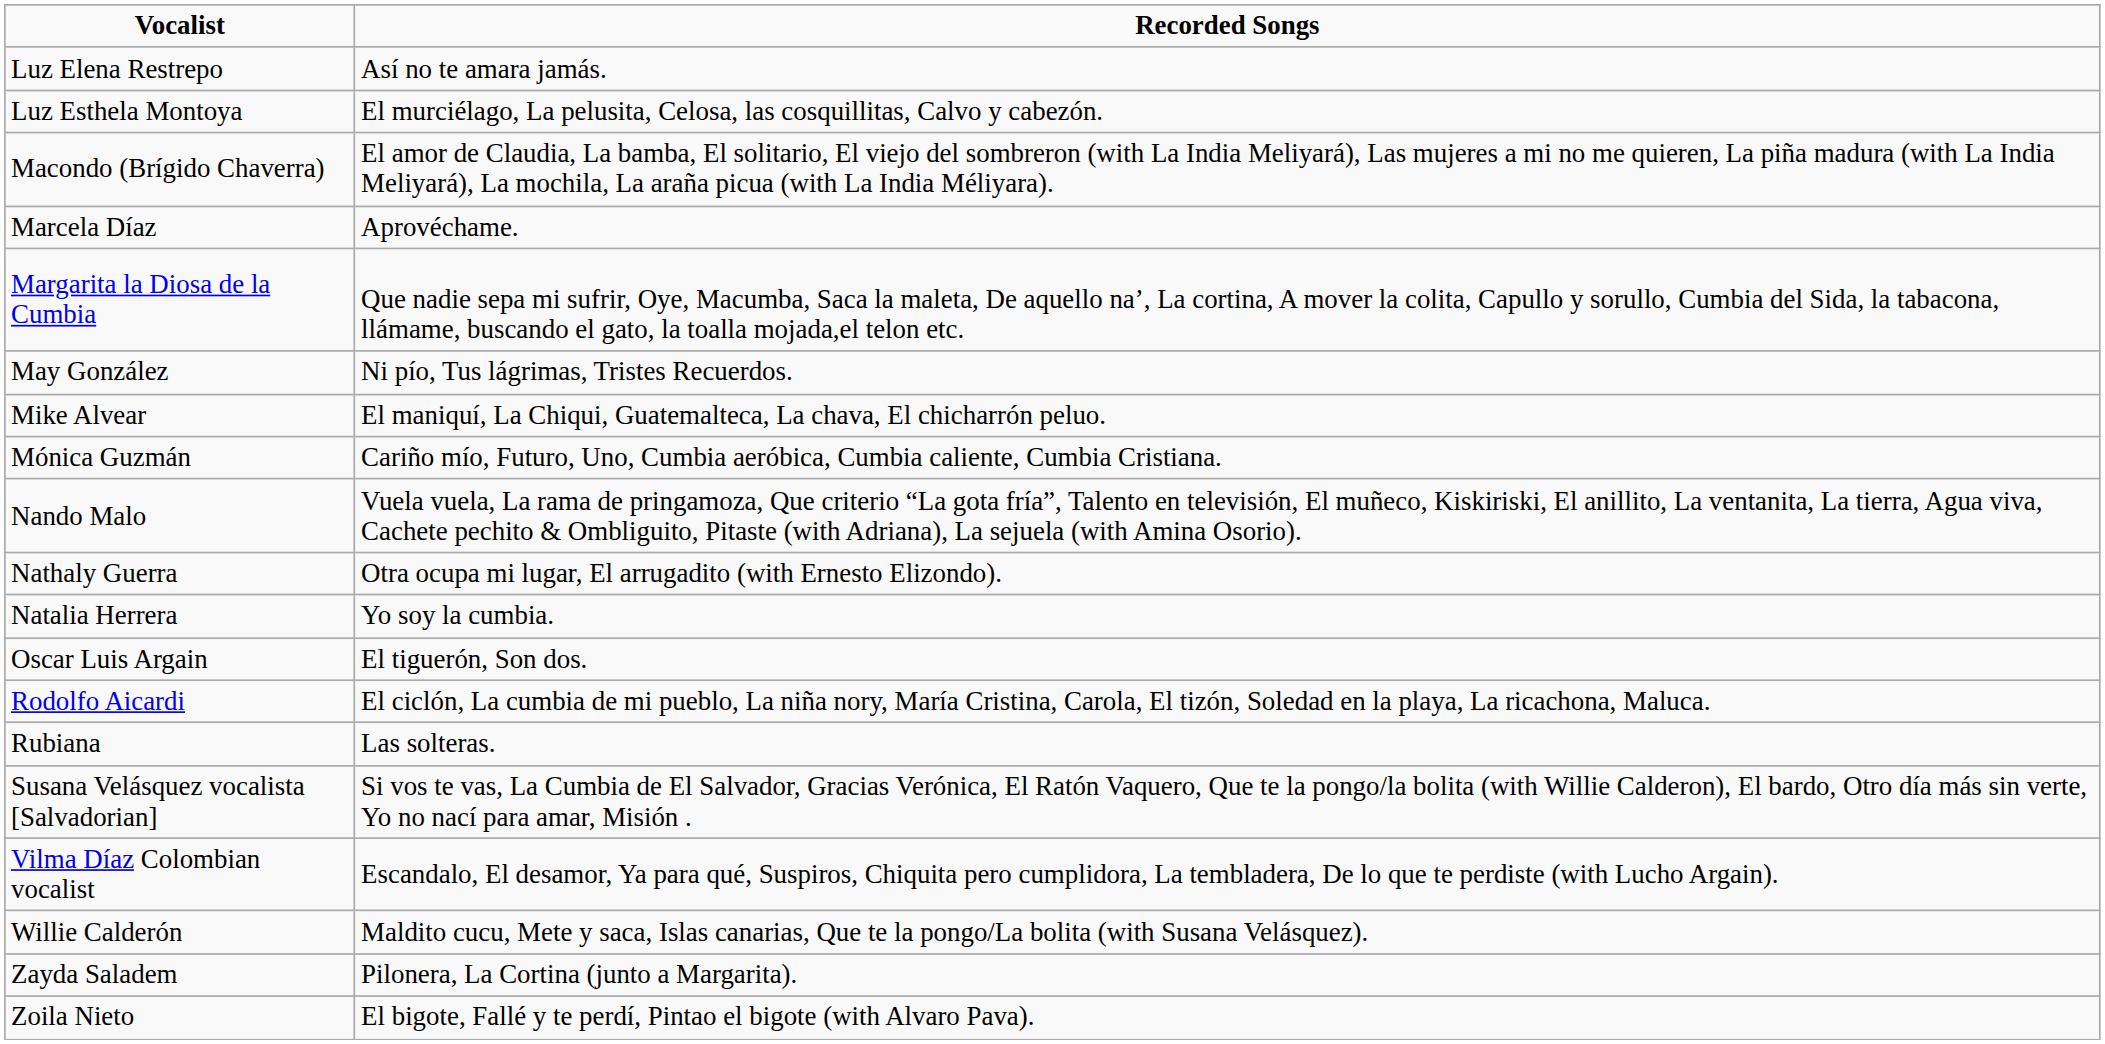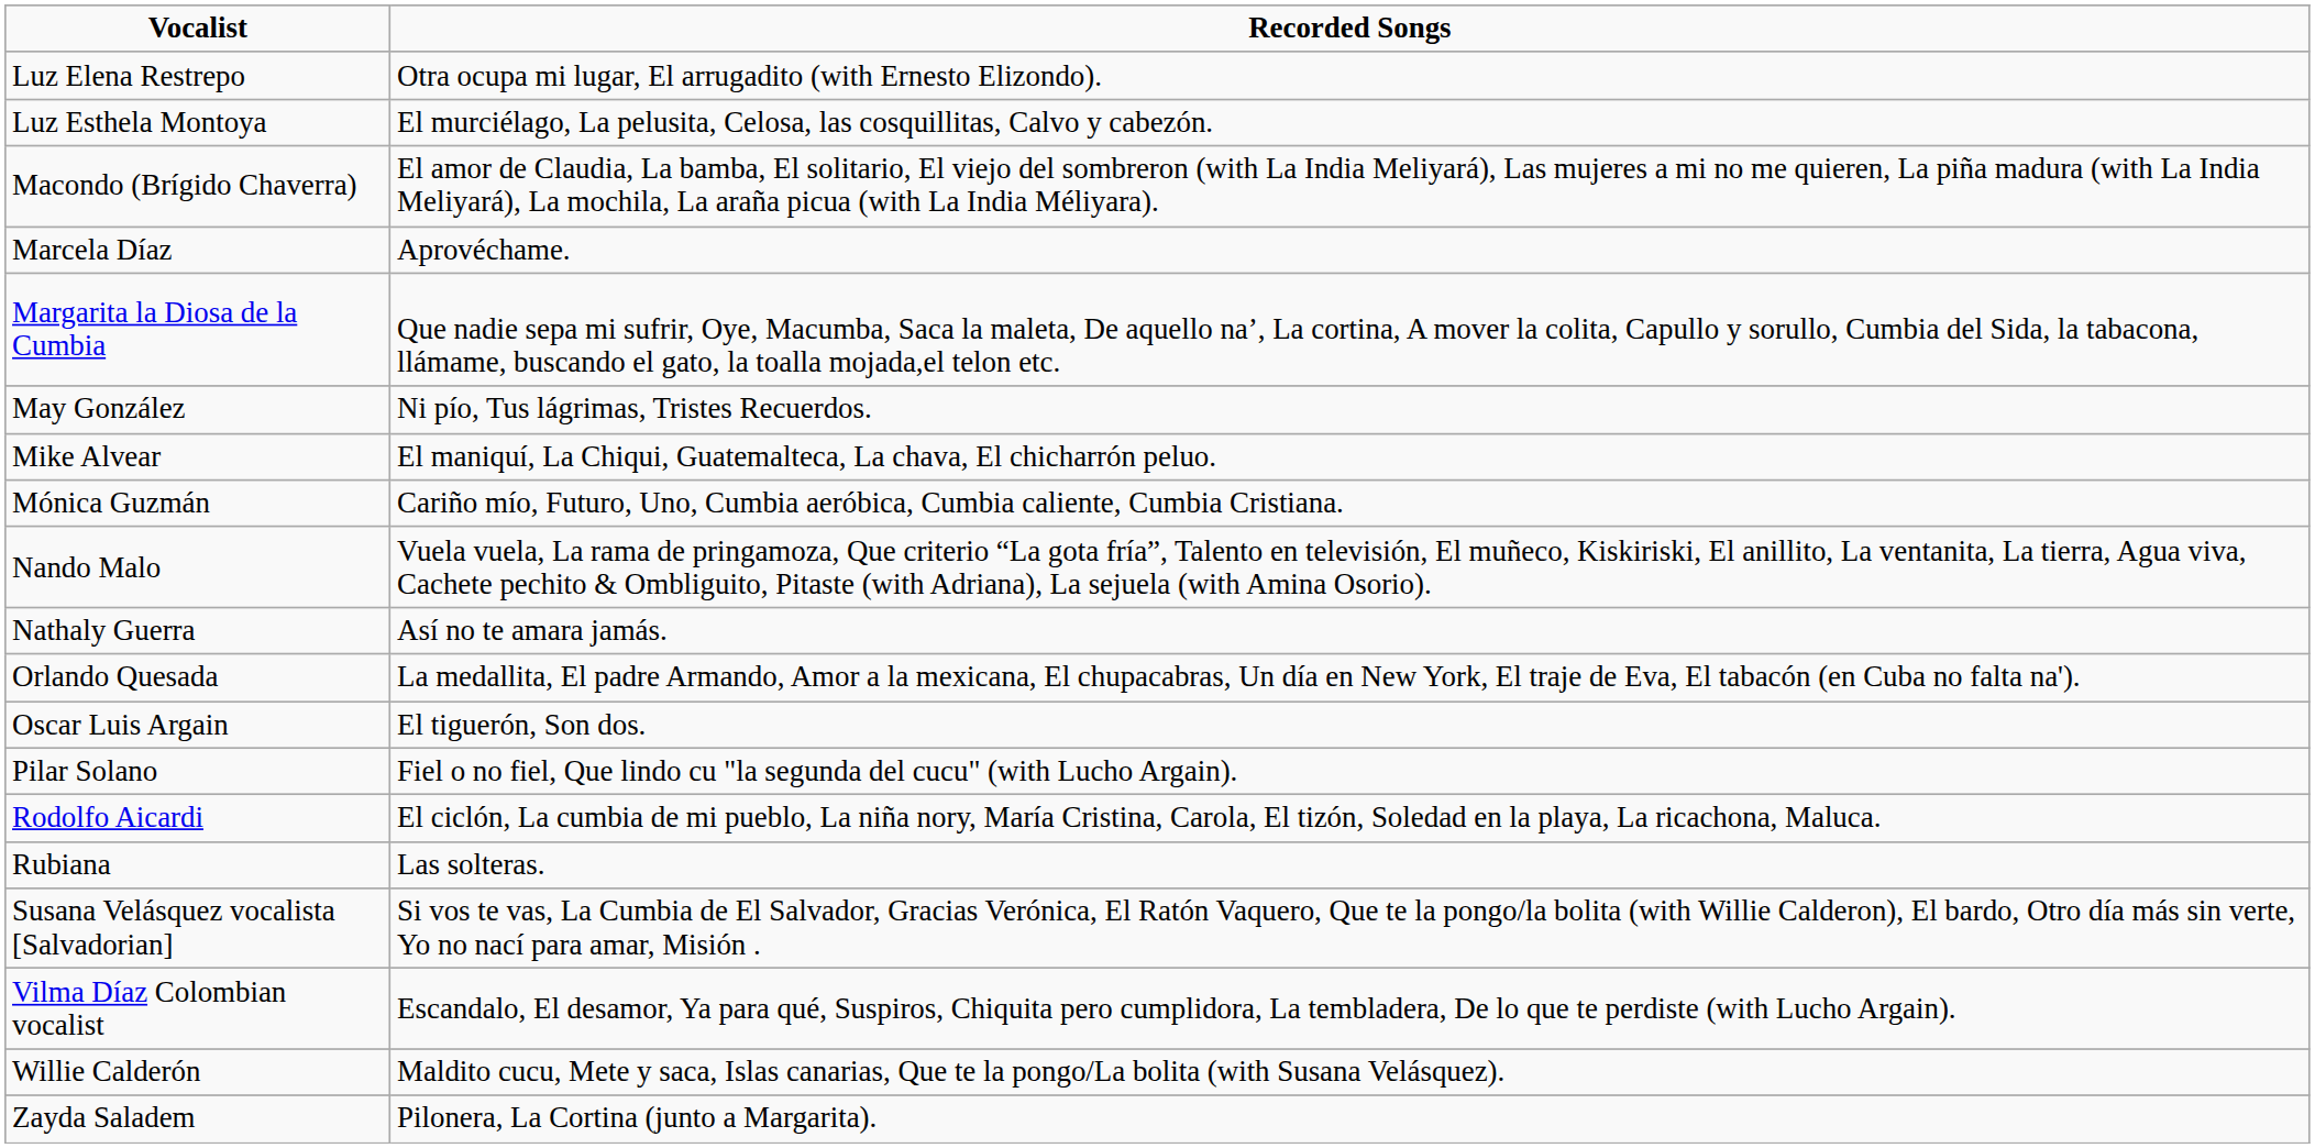 <table class="wikitable">
 <tr style="backnd-color:#CFCFCF; text-align: center; font-weight: Bold">
 <td>Vocalist</td>
 <td>Recorded Songs</td>
 </tr>
 <tr>
 <td>Luz Elena Restrepo</td>
-<td>Así no te amara jamás.</td>
+<td>Otra ocupa mi lugar, El arrugadito (with Ernesto Elizondo).</td>
 </tr>
 <tr>
 <td>Luz Esthela Montoya</td>
 <td>El murciélago, La pelusita, Celosa, las cosquillitas, Calvo y cabezón.</td>
 </tr>
 <tr>
 <td>Macondo (Brígido Chaverra)</td>
 <td>El amor de Claudia, La bamba, El solitario, El viejo del sombreron (with La India Meliyará), Las mujeres a mi no me quieren, La piña madura (with La India Meliyará), La mochila, La araña picua (with La India Méliyara).</td>
 </tr>
 <tr>
 <td>Marcela Díaz</td>
 <td>Aprovéchame.</td>
 </tr>
 <tr>
 <td><a href='#'>Margarita la Diosa de la Cumbia</a></td>
 <td><br>Que nadie sepa mi sufrir, Oye, Macumba, Saca la maleta, De aquello na’, La cortina, A mover la colita, Capullo y sorullo, Cumbia del Sida, la tabacona, llámame, buscando el gato, la toalla mojada,el telon etc.</td>
 </tr>
 <tr>
 <td>May González</td>
 <td>Ni pío, Tus lágrimas, Tristes Recuerdos.</td>
 </tr>
 <tr>
 <td>Mike Alvear</td>
 <td>El maniquí, La Chiqui, Guatemalteca, La chava, El chicharrón peluo.</td>
 </tr>
 <tr>
 <td>Mónica Guzmán</td>
 <td>Cariño mío, Futuro, Uno, Cumbia aeróbica, Cumbia caliente, Cumbia Cristiana.</td>
 </tr>
 <tr>
 <td>Nando Malo</td>
 <td>Vuela vuela, La rama de pringamoza, Que criterio “La gota fría”, Talento en televisión, El muñeco, Kiskiriski, El anillito, La ventanita, La tierra, Agua viva, Cachete pechito & Ombliguito, Pitaste (with Adriana), La sejuela (with Amina Osorio).</td>
 </tr>
 <tr>
 <td>Nathaly Guerra</td>
-<td>Otra ocupa mi lugar, El arrugadito (with Ernesto Elizondo).</td>
+<td>Así no te amara jamás.</td>
 </tr>
 <tr>
-<td>Natalia Herrera</td>
-<td>Yo soy la cumbia.</td>
+<td>Orlando Quesada</td>
+<td>La medallita, El padre Armando, Amor a la mexicana, El chupacabras, Un día en New York, El traje de Eva, El tabacón (en Cuba no falta na').</td>
 </tr>
 <tr>
 <td>Oscar Luis Argain</td>
 <td>El tiguerón, Son dos.</td>
+</tr>
+<tr>
+<td>Pilar Solano</td>
+<td>Fiel o no fiel, Que lindo cu "la segunda del cucu" (with Lucho Argain).</td>
 </tr>
 <tr>
 <td><a href='#'>Rodolfo Aicardi</a></td>
 <td>El ciclón, La cumbia de mi pueblo, La niña nory, María Cristina, Carola, El tizón, Soledad en la playa, La ricachona, Maluca.</td>
 </tr>
 <tr>
 <td>Rubiana</td>
 <td>Las solteras.</td>
 </tr>
 <tr>
 <td>Susana Velásquez vocalista [Salvadorian]</td>
 <td>Si vos te vas, La Cumbia de El Salvador, Gracias Verónica, El Ratón Vaquero, Que te la pongo/la bolita (with Willie Calderon), El bardo, Otro día más sin verte, Yo no nací para amar, Misión .</td>
 </tr>
 <tr>
 <td><a href='#'>Vilma Díaz</a>  Colombian vocalist</td>
 <td>Escandalo, El desamor, Ya para qué, Suspiros, Chiquita pero cumplidora, La tembladera, De lo que te perdiste (with Lucho Argain).</td>
 </tr>
 <tr>
 <td>Willie Calderón</td>
 <td>Maldito cucu, Mete y saca, Islas canarias, Que te la pongo/La bolita (with Susana Velásquez).</td>
 </tr>
 <tr>
 <td>Zayda Saladem</td>
 <td>Pilonera, La Cortina (junto a Margarita).</td>
 </tr>
-<tr>
-<td>Zoila Nieto</td>
-<td>El bigote, Fallé y te perdí, Pintao el bigote (with Alvaro Pava).</td>
-</tr>
 </table>
